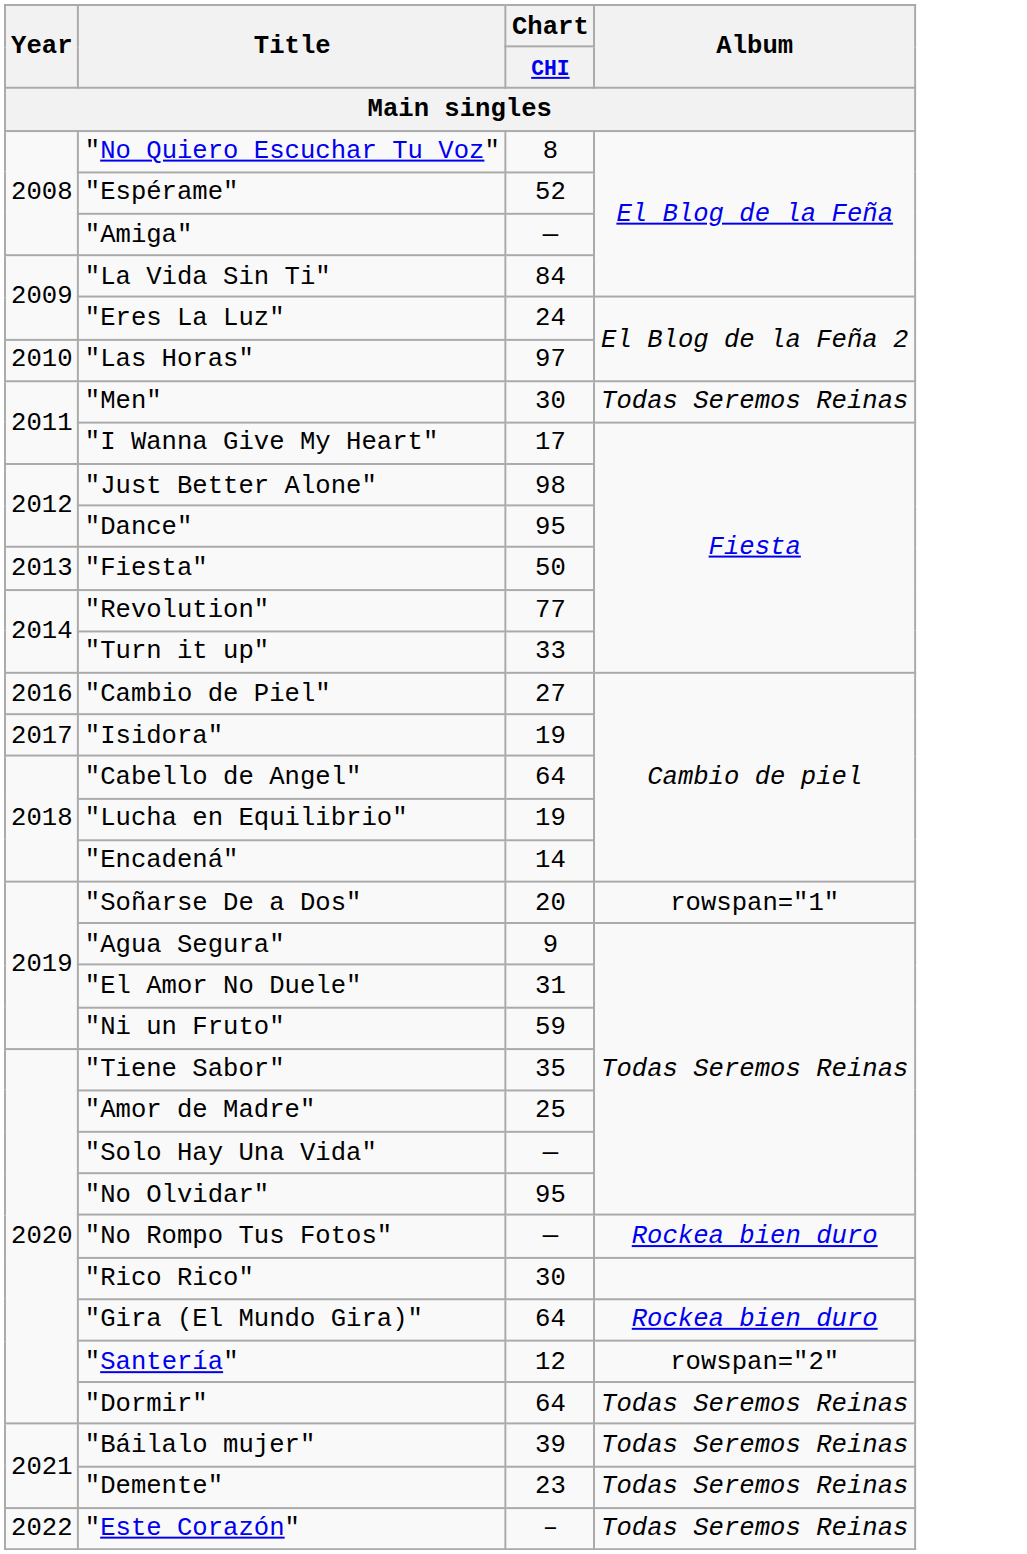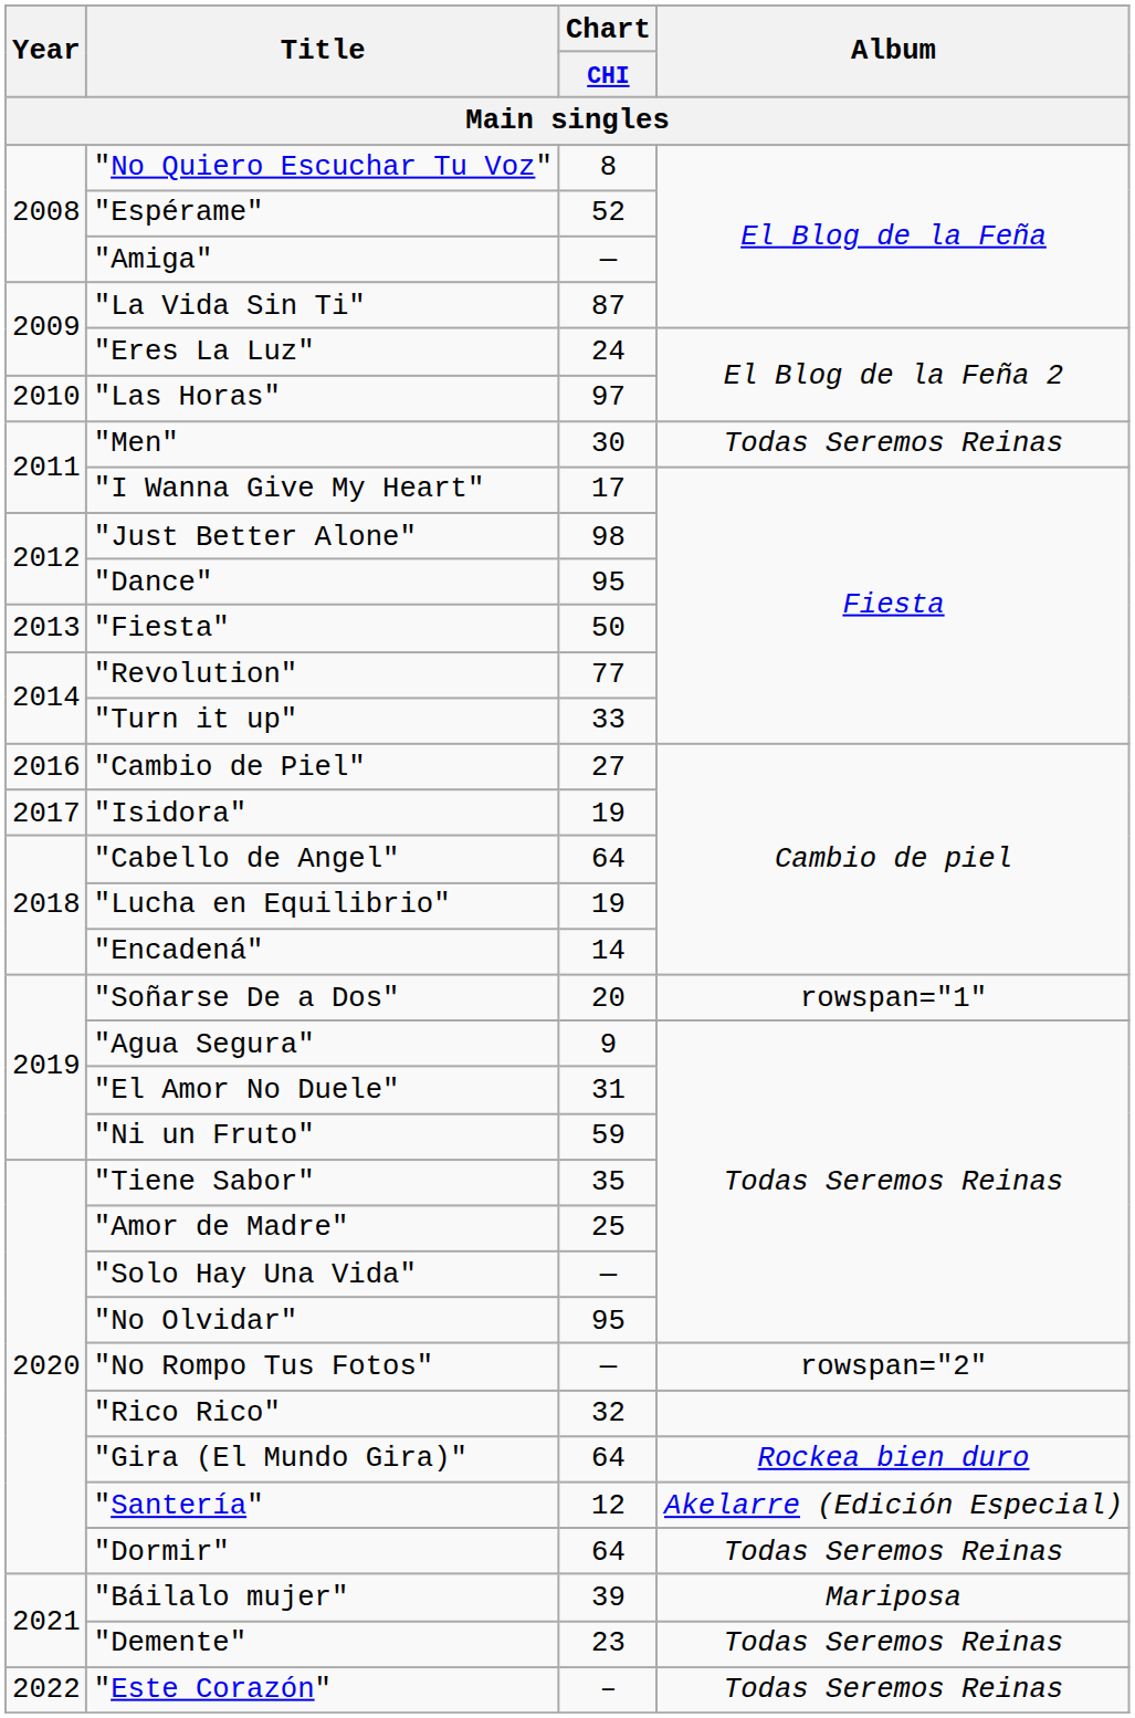 <table class="wikitable plainrowheaders" style="text-align:center;">
 <tr>
 <th rowspan="2" scope="col">Year</th>
 <th rowspan="2" scope="col">Title</th>
 <th colspan="1">Chart</th>
 <th rowspan="2" scope="col">Album</th>
 </tr>
 <tr>
 <th><small><a href='#'>CHI</a></small></th>
 </tr>
 <tr>
 <th colspan="4">Main singles</th>
 </tr>
 <tr>
 <td rowspan="3">2008</td>
 <td align="left">"<a href='#'>No Quiero Escuchar Tu Voz</a>"</td>
 <td>8</td>
 <td rowspan="4"><em><a href='#'>El Blog de la Feña</a></em></td>
 </tr>
 <tr>
 <td align="left">"Espérame"</td>
 <td>52</td>
 </tr>
 <tr>
 <td align="left">"Amiga"</td>
 <td>—</td>
 </tr>
 <tr>
 <td rowspan="2">2009</td>
 <td align="left">"La Vida Sin Ti"</td>
-<td>84</td>
+<td>87</td>
 </tr>
 <tr>
 <td align="left">"Eres La Luz"</td>
 <td>24</td>
 <td rowspan="2"><em>El Blog de la Feña 2</em></td>
 </tr>
 <tr>
 <td rowspan="1">2010</td>
 <td align="left">"Las Horas"</td>
 <td>97</td>
 </tr>
 <tr>
 <td rowspan="2">2011</td>
 <td align="left">"Men"</td>
 <td>30</td>
 <td><em>Todas Seremos Reinas</em></td>
 </tr>
 <tr>
 <td align="left">"I Wanna Give My Heart"</td>
 <td>17</td>
 <td rowspan="6"><em><a href='#'>Fiesta</a></em></td>
 </tr>
 <tr>
 <td rowspan="2">2012</td>
 <td align="left">"Just Better Alone"</td>
 <td>98</td>
 </tr>
 <tr>
 <td align="left">"Dance" <br></td>
 <td>95</td>
 </tr>
 <tr>
 <td rowspan="1">2013</td>
 <td align="left">"Fiesta"</td>
 <td>50</td>
 </tr>
 <tr>
 <td rowspan="2">2014</td>
 <td align="left">"Revolution"</td>
 <td>77</td>
 </tr>
 <tr>
 <td align="left">"Turn it up" <br></td>
 <td>33</td>
 </tr>
 <tr>
 <td>2016</td>
 <td align="left">"Cambio de Piel"</td>
 <td>27</td>
 <td rowspan="5"><em>Cambio de piel</em></td>
 </tr>
 <tr>
 <td>2017</td>
 <td align="left">"Isidora"</td>
 <td>19</td>
 </tr>
 <tr>
 <td rowspan="3">2018</td>
 <td align="left">"Cabello de Angel"</td>
 <td>64</td>
 </tr>
 <tr>
 <td align="left">"Lucha en Equilibrio"</td>
 <td>19</td>
 </tr>
 <tr>
 <td align="left">"Encadená"</td>
 <td>14</td>
 </tr>
 <tr>
 <td rowspan="4">2019</td>
 <td align="left">"Soñarse De a Dos" <br></td>
 <td>20</td>
 <td>rowspan="1" </td>
 </tr>
 <tr>
 <td align="left">"Agua Segura" <br></td>
 <td>9</td>
 <td rowspan="7"><em>Todas Seremos Reinas</em></td>
 </tr>
 <tr>
 <td align="left">"El Amor No Duele"</td>
 <td>31</td>
 </tr>
 <tr>
 <td align="left">"Ni un Fruto"</td>
 <td>59</td>
 </tr>
 <tr>
 <td rowspan="9">2020</td>
 <td align="left">"Tiene Sabor"</td>
 <td>35</td>
 </tr>
 <tr>
 <td align="left">"Amor de Madre"</td>
 <td>25</td>
 </tr>
 <tr>
 <td align="left">"Solo Hay Una Vida"</td>
 <td>—</td>
 </tr>
 <tr>
 <td align="left">"No Olvidar"</td>
 <td>95</td>
 </tr>
 <tr>
 <td align="left">"No Rompo Tus Fotos" <br></td>
 <td>—</td>
-<td><em><a href='#'>Rockea bien duro</a></em></td>
+<td>rowspan="2" </td>
 </tr>
 <tr>
 <td align="left">"Rico Rico" <br></td>
-<td>30</td>
+<td>32</td>
 </tr>
 <tr>
 <td align="left">"Gira (El Mundo Gira)"</td>
 <td>64</td>
 <td><em><a href='#'>Rockea bien duro</a></em></td>
 </tr>
 <tr>
 <td align="left">"<a href='#'>Santería</a>" <br></td>
 <td>12</td>
-<td>rowspan="2" </td>
+<td><em><a href='#'>Akelarre</a> (Edición Especial)</em></td>
 </tr>
 <tr>
 <td align="left">"Dormir"</td>
 <td>64</td>
 <td><em>Todas Seremos Reinas</em></td>
 </tr>
 <tr>
 <td rowspan="2">2021</td>
 <td align="left">"Báilalo mujer"<br></td>
 <td>39</td>
-<td><em>Todas Seremos Reinas</em></td>
+<td><em>Mariposa</em></td>
 </tr>
 <tr>
 <td align="left">"Demente"<br></td>
 <td>23</td>
 <td><em>Todas Seremos Reinas</em></td>
 </tr>
 <tr>
 <td rowspan="1">2022</td>
 <td align="left">"<a href='#'>Este Corazón</a>"<br></td>
 <td>–</td>
 <td><em>Todas Seremos Reinas</em></td>
 </tr>
 <tr>
 </tr>
 </table>
